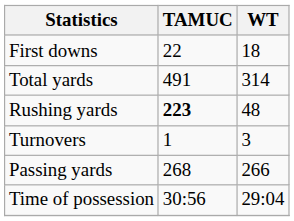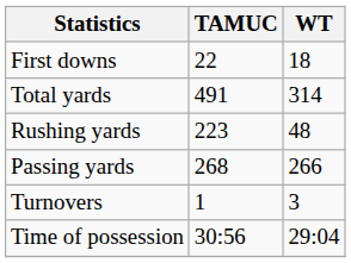 <table class="wikitable" style="float: left;">
 <tr>
 <th>Statistics</th>
 <th>TAMUC</th>
 <th>WT</th>
 </tr>
 <tr>
 <td>First downs</td>
 <td>22</td>
 <td>18</td>
 </tr>
 <tr>
 <td>Total yards</td>
 <td>491</td>
 <td>314</td>
 </tr>
 <tr>
 <td>Rushing yards</td>
-<td><strong>223</strong></td>
+<td>223</td>
 <td>48</td>
+</tr>
+<tr>
+<td>Passing yards</td>
+<td>268</td>
+<td>266</td>
 </tr>
 <tr>
 <td>Turnovers</td>
 <td>1</td>
 <td>3</td>
-</tr>
-<tr>
-<td>Passing yards</td>
-<td>268</td>
-<td>266</td>
 </tr>
 <tr>
 <td>Time of possession</td>
 <td>30:56</td>
 <td>29:04</td>
 </tr>
 <tr>
 </tr>
 </table>
